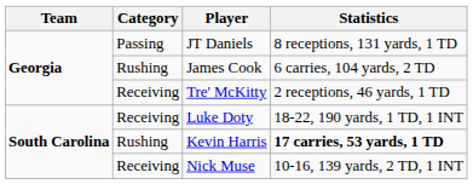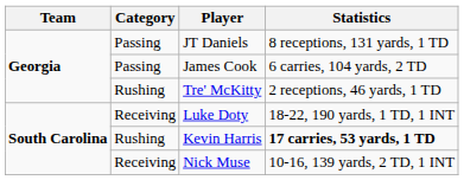 <table class="wikitable" style="float: right;">
 <tr>
 <th>Team</th>
 <th>Category</th>
 <th>Player</th>
 <th>Statistics</th>
 </tr>
 <tr>
 <td rowspan=3><strong>Georgia</strong></td>
 <td>Passing</td>
 <td>JT Daniels</td>
 <td>8 receptions, 131 yards, 1 TD</td>
 </tr>
 <tr>
-<td>Rushing</td>
+<td>Passing</td>
 <td>James Cook</td>
 <td>6 carries, 104 yards, 2 TD</td>
 </tr>
 <tr>
-<td>Receiving</td>
+<td>Rushing</td>
 <td><a href='#'>Tre' McKitty</a></td>
 <td>2 receptions, 46 yards, 1 TD</td>
 </tr>
 <tr>
 <td rowspan=3><strong>South Carolina</strong></td>
 <td>Receiving</td>
 <td><a href='#'>Luke Doty</a></td>
 <td>18-22, 190 yards, 1 TD, 1 INT</td>
 </tr>
 <tr>
 <td>Rushing</td>
 <td><a href='#'>Kevin Harris</a></td>
 <td><strong>17 carries, 53 yards, 1 TD</strong></td>
 </tr>
 <tr>
 <td>Receiving</td>
 <td><a href='#'>Nick Muse</a></td>
 <td>10-16, 139 yards, 2 TD, 1 INT</td>
 </tr>
 </table>
